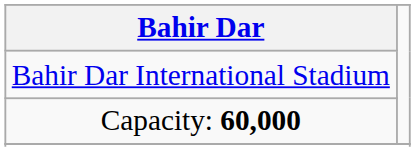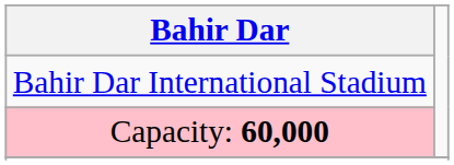 <table class="wikitable" style="text-align:center;margin:1em auto;">
 <tr>
 <th><a href='#'>Bahir Dar</a></th>
 <td rowspan="4"></td>
 </tr>
 <tr>
 <td><a href='#'>Bahir Dar International Stadium</a></td>
 </tr>
 <tr>
-<td>Capacity: <strong>60,000</strong></td>
+<td style="background: pink;">Capacity: <strong>60,000</strong></td>
 </tr>
 <tr>
 </tr>
 <tr>
 </tr>
 </table>
